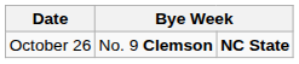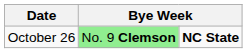 <table class="wikitable" style="font-size:95%;">
 <tr>
 <th>Date</th>
 <th colspan="2">Bye Week</th>
 </tr>
 <tr>
 <td>October 26</td>
-<td>No. 9 <strong>Clemson</strong></td>
+<td style="background: lightgreen;">No. 9 <strong>Clemson</strong></td>
 <td><strong>NC State</strong></td>
 </tr>
 </table>
